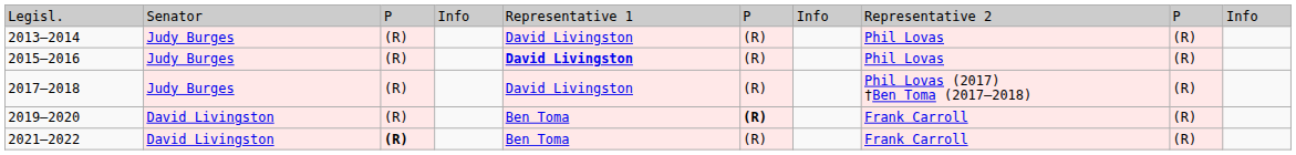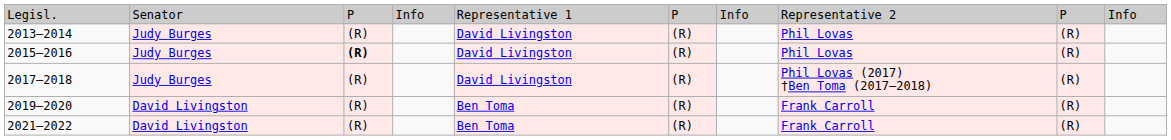 <table class=wikitable width="100%" border="1">
 <tr style="background-color:#cccccc;">
 <td>Legisl.</td>
 <td>Senator</td>
 <td>P</td>
 <td>Info</td>
 <td>Representative 1</td>
 <td>P</td>
 <td>Info</td>
 <td>Representative 2</td>
 <td>P</td>
 <td>Info</td>
 </tr>
 <tr>
 <td>2013–2014</td>
 <td style="background:#FFE8E8"><a href='#'>Judy Burges</a></td>
 <td style="background:#FFE8E8">(R)</td>
 <td></td>
 <td style="background:#FFE8E8"><a href='#'>David Livingston</a></td>
 <td style="background:#FFE8E8">(R)</td>
 <td></td>
 <td style="background:#FFE8E8"><a href='#'>Phil Lovas</a></td>
 <td style="background:#FFE8E8">(R)</td>
 <td></td>
 </tr>
 <tr>
 <td>2015–2016</td>
 <td style="background:#FFE8E8"><a href='#'>Judy Burges</a></td>
-<td style="background:#FFE8E8">(R)</td>
+<td style="background:#FFE8E8"><strong>(R)</strong></td>
 <td></td>
-<td style="background:#FFE8E8"><strong><a href='#'>David Livingston</a></strong></td>
+<td style="background:#FFE8E8"><a href='#'>David Livingston</a></td>
 <td style="background:#FFE8E8">(R)</td>
 <td></td>
 <td style="background:#FFE8E8"><a href='#'>Phil Lovas</a></td>
 <td style="background:#FFE8E8">(R)</td>
 <td></td>
 </tr>
 <tr>
 <td>2017–2018</td>
 <td style="background:#FFE8E8"><a href='#'>Judy Burges</a></td>
 <td style="background:#FFE8E8">(R)</td>
 <td></td>
 <td style="background:#FFE8E8"><a href='#'>David Livingston</a></td>
 <td style="background:#FFE8E8">(R)</td>
 <td></td>
 <td style="background:#FFE8E8"><a href='#'>Phil Lovas</a> (2017) <br> †<a href='#'>Ben Toma</a> (2017–2018)</td>
 <td style="background:#FFE8E8">(R)</td>
 <td></td>
 </tr>
 <tr>
 <td>2019–2020</td>
 <td style="background:#FFE8E8"><a href='#'>David Livingston</a></td>
 <td style="background:#FFE8E8">(R)</td>
 <td></td>
 <td style="background:#FFE8E8"><a href='#'>Ben Toma</a></td>
-<td style="background:#FFE8E8"><strong>(R)</strong></td>
+<td style="background:#FFE8E8">(R)</td>
 <td></td>
 <td style="background:#FFE8E8"><a href='#'>Frank Carroll</a></td>
 <td style="background:#FFE8E8">(R)</td>
 <td></td>
 </tr>
 <tr>
 <td>2021–2022</td>
 <td style="background:#FFE8E8"><a href='#'>David Livingston</a></td>
-<td style="background:#FFE8E8"><strong>(R)</strong></td>
+<td style="background:#FFE8E8">(R)</td>
 <td></td>
 <td style="background:#FFE8E8"><a href='#'>Ben Toma</a></td>
 <td style="background:#FFE8E8">(R)</td>
 <td></td>
 <td style="background:#FFE8E8"><a href='#'>Frank Carroll</a></td>
 <td style="background:#FFE8E8">(R)</td>
 <td></td>
 </tr>
 </table>
